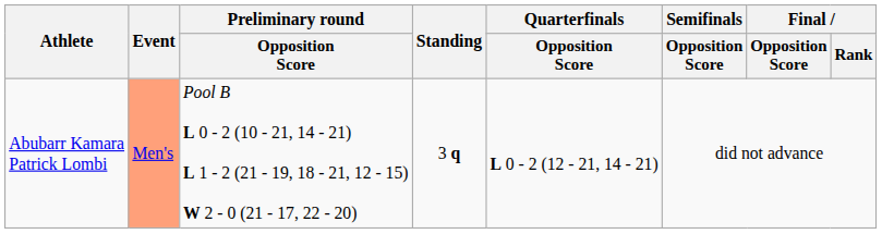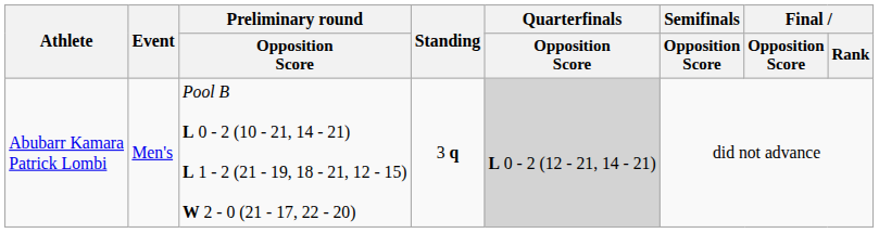 <table class=wikitable style="font-size:90%">
 <tr>
 <th rowspan="2">Athlete</th>
 <th rowspan="2">Event</th>
 <th>Preliminary round</th>
 <th rowspan="2">Standing</th>
 <th>Quarterfinals</th>
 <th>Semifinals</th>
 <th colspan=2>Final / </th>
 </tr>
 <tr style="font-size:95%">
 <th>Opposition<br>Score</th>
 <th>Opposition<br>Score</th>
 <th>Opposition<br>Score</th>
 <th>Opposition<br>Score</th>
 <th>Rank</th>
 </tr>
 <tr align=center>
 <td align=left><a href='#'>Abubarr Kamara</a><br><a href='#'>Patrick Lombi</a></td>
-<td align=left style="background: lightsalmon;"><a href='#'>Men's</a></td>
+<td align=left><a href='#'>Men's</a></td>
 <td align=left><em>Pool B</em><br><br><strong>L</strong> 0 - 2 (10 - 21, 14 - 21)<br><br><strong>L</strong> 1 - 2 (21 - 19, 18 - 21, 12 - 15)<br><br><strong>W</strong> 2 - 0 (21 - 17, 22 - 20)</td>
 <td>3 <strong>q</strong></td>
-<td><br><strong>L</strong> 0 - 2 (12 - 21, 14 - 21)</td>
+<td style="background: lightgrey;"><br><strong>L</strong> 0 - 2 (12 - 21, 14 - 21)</td>
 <td colspan=3>did not advance</td>
 </tr>
 </table>
